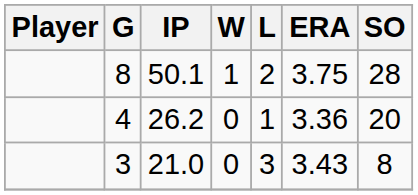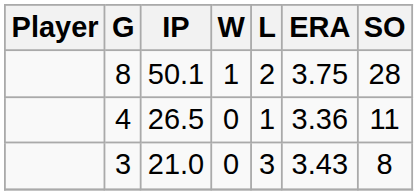 <table class="wikitable sortable">
 <tr>
 <th>Player</th>
 <th>G</th>
 <th>IP</th>
 <th>W</th>
 <th>L</th>
 <th>ERA</th>
 <th>SO</th>
 </tr>
 <tr align="center">
 <td></td>
 <td>8</td>
 <td>50.1</td>
 <td>1</td>
 <td>2</td>
 <td>3.75</td>
 <td>28</td>
 </tr>
 <tr align="center">
 <td></td>
 <td>4</td>
-<td>26.2</td>
+<td>26.5</td>
 <td>0</td>
 <td>1</td>
 <td>3.36</td>
-<td>20</td>
+<td>11</td>
 </tr>
 <tr align="center">
 <td></td>
 <td>3</td>
 <td>21.0</td>
 <td>0</td>
 <td>3</td>
 <td>3.43</td>
 <td>8</td>
 </tr>
 <tr align="center">
 </tr>
 </table>
